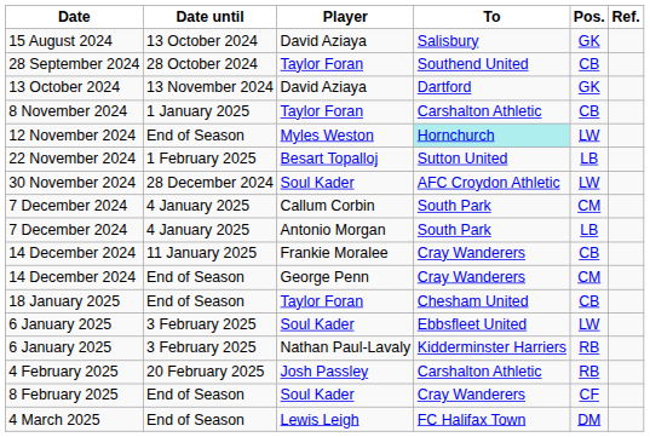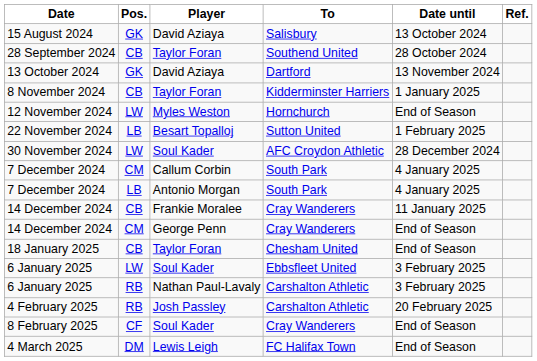 <table class="wikitable plainrowheaders sortable">
 <tr>
 <th style="background-color:#FFFFFF; color:#000000; ">Date</th>
-<th style="background-color:#FFFFFF; color:#000000; ">Date until</th>
+<th style="background-color:#FFFFFF; color:#000000; ">Pos.</th>
 <th style="background-color:#FFFFFF; color:#000000; ">Player</th>
 <th style="background-color:#FFFFFF; color:#000000; ">To</th>
-<th style="background-color:#FFFFFF; color:#000000; ">Pos.</th>
+<th style="background-color:#FFFFFF; color:#000000; ">Date until</th>
 <th style="background-color:#FFFFFF; color:#000000; ">Ref.</th>
 </tr>
 <tr>
 <td>15 August 2024</td>
-<td>13 October 2024</td>
+<td style="text-align:center;"><a href='#'>GK</a></td>
 <td> David Aziaya</td>
 <td> <a href='#'>Salisbury</a></td>
-<td style="text-align:center;"><a href='#'>GK</a></td>
+<td>13 October 2024</td>
 <td></td>
 </tr>
 <tr>
 <td>28 September 2024</td>
-<td>28 October 2024</td>
+<td style="text-align:center;"><a href='#'>CB</a></td>
 <td> <a href='#'>Taylor Foran</a></td>
 <td> <a href='#'>Southend United</a></td>
-<td style="text-align:center;"><a href='#'>CB</a></td>
+<td>28 October 2024</td>
 <td></td>
 </tr>
 <tr>
 <td>13 October 2024</td>
-<td>13 November 2024</td>
+<td style="text-align:center;"><a href='#'>GK</a></td>
 <td> David Aziaya</td>
 <td> <a href='#'>Dartford</a></td>
-<td style="text-align:center;"><a href='#'>GK</a></td>
+<td>13 November 2024</td>
 <td></td>
 </tr>
 <tr>
 <td>8 November 2024</td>
+<td style="text-align:center;"><a href='#'>CB</a></td>
+<td> <a href='#'>Taylor Foran</a></td>
+<td> <a href='#'>Kidderminster Harriers</a></td>
 <td>1 January 2025</td>
-<td> <a href='#'>Taylor Foran</a></td>
-<td> <a href='#'>Carshalton Athletic</a></td>
-<td style="text-align:center;"><a href='#'>CB</a></td>
 <td></td>
 </tr>
 <tr>
 <td>12 November 2024</td>
+<td style="text-align:center;"><a href='#'>LW</a></td>
+<td> <a href='#'>Myles Weston</a></td>
+<td> <a href='#'>Hornchurch</a></td>
 <td>End of Season</td>
-<td> <a href='#'>Myles Weston</a></td>
-<td style="background: paleturquoise;"> <a href='#'>Hornchurch</a></td>
-<td style="text-align:center;"><a href='#'>LW</a></td>
 <td></td>
 </tr>
 <tr>
 <td>22 November 2024</td>
-<td>1 February 2025</td>
+<td style="text-align:center;"><a href='#'>LB</a></td>
 <td> <a href='#'>Besart Topalloj</a></td>
 <td> <a href='#'>Sutton United</a></td>
-<td style="text-align:center;"><a href='#'>LB</a></td>
+<td>1 February 2025</td>
 <td></td>
 </tr>
 <tr>
 <td>30 November 2024</td>
-<td>28 December 2024</td>
+<td style="text-align:center;"><a href='#'>LW</a></td>
 <td> <a href='#'>Soul Kader</a></td>
 <td> <a href='#'>AFC Croydon Athletic</a></td>
-<td style="text-align:center;"><a href='#'>LW</a></td>
+<td>28 December 2024</td>
 <td></td>
 </tr>
 <tr>
 <td>7 December 2024</td>
-<td>4 January 2025</td>
+<td style="text-align:center;"><a href='#'>CM</a></td>
 <td> Callum Corbin</td>
 <td> <a href='#'>South Park</a></td>
-<td style="text-align:center;"><a href='#'>CM</a></td>
+<td>4 January 2025</td>
 <td></td>
 </tr>
 <tr>
 <td>7 December 2024</td>
-<td>4 January 2025</td>
+<td style="text-align:center;"><a href='#'>LB</a></td>
 <td> Antonio Morgan</td>
 <td> <a href='#'>South Park</a></td>
-<td style="text-align:center;"><a href='#'>LB</a></td>
+<td>4 January 2025</td>
 <td></td>
 </tr>
 <tr>
 <td>14 December 2024</td>
-<td>11 January 2025</td>
+<td style="text-align:center;"><a href='#'>CB</a></td>
 <td> Frankie Moralee</td>
 <td> <a href='#'>Cray Wanderers</a></td>
-<td style="text-align:center;"><a href='#'>CB</a></td>
+<td>11 January 2025</td>
 <td></td>
 </tr>
 <tr>
 <td>14 December 2024</td>
-<td>End of Season</td>
+<td style="text-align:center;"><a href='#'>CM</a></td>
 <td> George Penn</td>
 <td> <a href='#'>Cray Wanderers</a></td>
-<td style="text-align:center;"><a href='#'>CM</a></td>
+<td>End of Season</td>
 <td></td>
 </tr>
 <tr>
 <td>18 January 2025</td>
-<td>End of Season</td>
+<td style="text-align:center;"><a href='#'>CB</a></td>
 <td> <a href='#'>Taylor Foran</a></td>
 <td> <a href='#'>Chesham United</a></td>
-<td style="text-align:center;"><a href='#'>CB</a></td>
+<td>End of Season</td>
 <td></td>
 </tr>
 <tr>
 <td>6 January 2025</td>
-<td>3 February 2025</td>
+<td style="text-align:center;"><a href='#'>LW</a></td>
 <td> <a href='#'>Soul Kader</a></td>
 <td> <a href='#'>Ebbsfleet United</a></td>
-<td style="text-align:center;"><a href='#'>LW</a></td>
+<td>3 February 2025</td>
 <td></td>
 </tr>
 <tr>
 <td>6 January 2025</td>
+<td style="text-align:center;"><a href='#'>RB</a></td>
+<td> Nathan Paul-Lavaly</td>
+<td> <a href='#'>Carshalton Athletic</a></td>
 <td>3 February 2025</td>
-<td> Nathan Paul-Lavaly</td>
-<td> <a href='#'>Kidderminster Harriers</a></td>
-<td style="text-align:center;"><a href='#'>RB</a></td>
 <td></td>
 </tr>
 <tr>
 <td>4 February 2025</td>
-<td>20 February 2025</td>
+<td style="text-align:center;"><a href='#'>RB</a></td>
 <td> <a href='#'>Josh Passley</a></td>
 <td> <a href='#'>Carshalton Athletic</a></td>
-<td style="text-align:center;"><a href='#'>RB</a></td>
+<td>20 February 2025</td>
 <td></td>
 </tr>
 <tr>
 <td>8 February 2025</td>
-<td>End of Season</td>
+<td style="text-align:center;"><a href='#'>CF</a></td>
 <td> <a href='#'>Soul Kader</a></td>
 <td> <a href='#'>Cray Wanderers</a></td>
-<td style="text-align:center;"><a href='#'>CF</a></td>
+<td>End of Season</td>
 <td></td>
 </tr>
 <tr>
 <td>4 March 2025</td>
-<td>End of Season</td>
+<td style="text-align:center;"><a href='#'>DM</a></td>
 <td> <a href='#'>Lewis Leigh</a></td>
 <td> <a href='#'>FC Halifax Town</a></td>
-<td style="text-align:center;"><a href='#'>DM</a></td>
+<td>End of Season</td>
 <td></td>
 </tr>
 </table>
